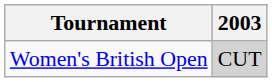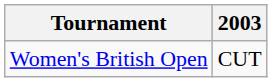 <table class="wikitable" style="font-size:95%;text-align:center;">
 <tr>
 <th>Tournament</th>
 <th>2003</th>
 </tr>
 <tr>
 <td align=left><a href='#'>Women's British Open</a></td>
-<td style="background: lightgrey;">CUT</td>
+<td>CUT</td>
 </tr>
 </table>
